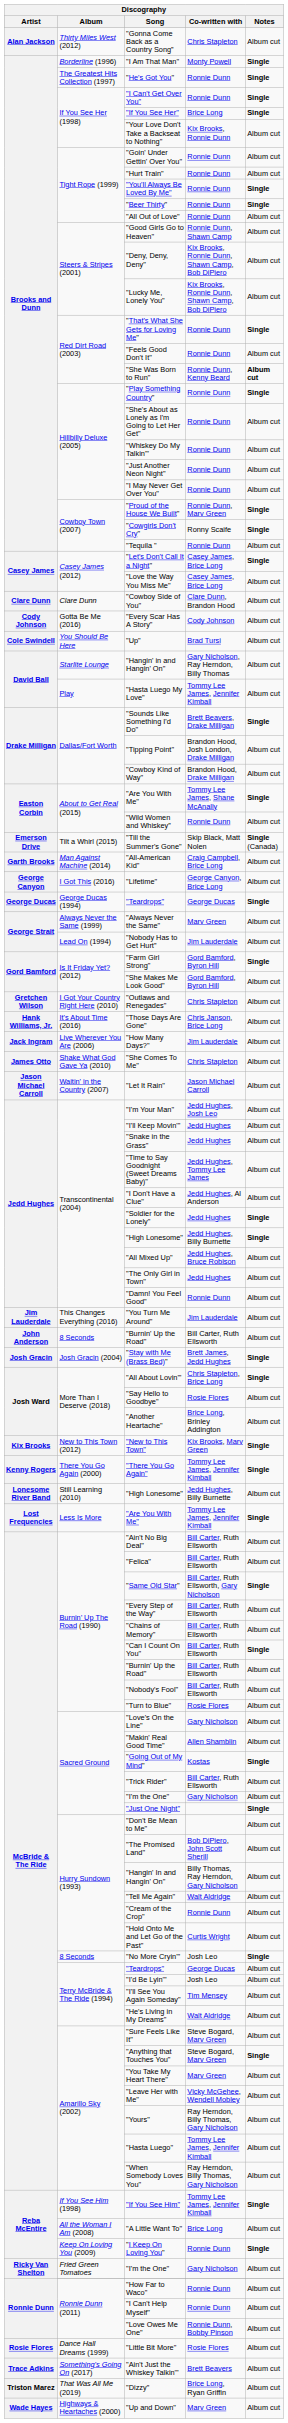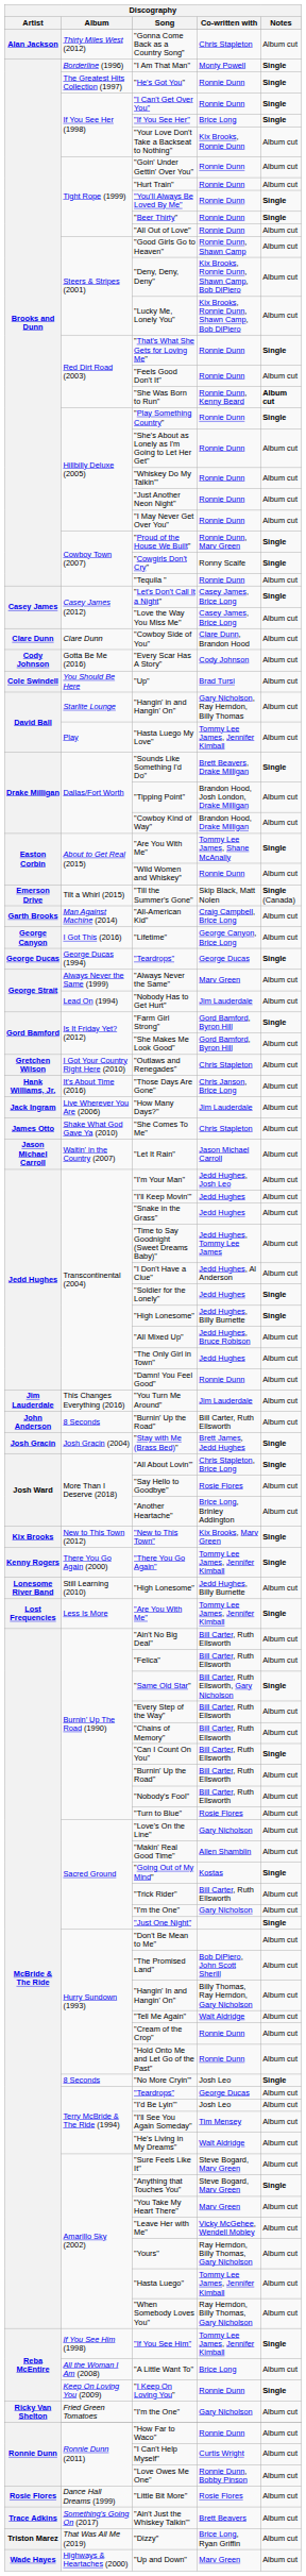 <table class="wikitable sortable">
 <tr>
 <th colspan="5">Discography</th>
 </tr>
 <tr style="background:#ccc;">
 <th style="width:170px;">Artist</th>
 <th style="width:220px;">Album</th>
 <th style="width:285px;">Song</th>
 <th style="width:300px;">Co-written with</th>
 <th style="width:110px;">Notes</th>
 </tr>
 <tr>
 <th><a href='#'>Alan Jackson</a></th>
 <td><em><a href='#'>Thirty Miles West</a></em> (2012)</td>
 <td>"Gonna Come Back as a Country Song”</td>
 <td><a href='#'>Chris Stapleton</a></td>
 <td>Album cut</td>
 </tr>
 <tr>
 <th rowspan="24"><a href='#'>Brooks and Dunn</a></th>
 <td><em><a href='#'>Borderline</a></em> (1996)</td>
 <td>"I Am That Man"</td>
 <td><a href='#'>Monty Powell</a></td>
 <td><strong>Single</strong></td>
 </tr>
 <tr>
 <td><a href='#'>The Greatest Hits Collection</a> (1997)</td>
 <td>"<a href='#'>He's Got You</a>"</td>
 <td><a href='#'>Ronnie Dunn</a></td>
 <td><strong>Single</strong></td>
 </tr>
 <tr>
 <td rowspan="3"><a href='#'>If You See Her</a> (1998)</td>
 <td><a href='#'>"I Can't Get Over You"</a></td>
 <td><a href='#'>Ronnie Dunn</a></td>
 <td><strong>Single</strong></td>
 </tr>
 <tr>
 <td><a href='#'>"If You See Her"</a></td>
 <td><a href='#'>Brice Long</a></td>
 <td><strong>Single</strong></td>
 </tr>
 <tr>
 <td>"Your Love Don't Take a Backseat to Nothing"</td>
 <td><a href='#'>Kix Brooks</a>, <a href='#'>Ronnie Dunn</a></td>
 <td>Album cut</td>
 </tr>
 <tr>
 <td rowspan="5"><a href='#'>Tight Rope</a> (1999)</td>
 <td>"Goin' Under Gettin' Over You"</td>
 <td><a href='#'>Ronnie Dunn</a></td>
 <td>Album cut</td>
 </tr>
 <tr>
 <td>"Hurt Train"</td>
 <td><a href='#'>Ronnie Dunn</a></td>
 <td>Album cut</td>
 </tr>
 <tr>
 <td><a href='#'>"You'll Always Be Loved By Me"</a></td>
 <td><a href='#'>Ronnie Dunn</a></td>
 <td><strong>Single</strong></td>
 </tr>
 <tr>
 <td>"<a href='#'>Beer Thirty</a>"</td>
 <td><a href='#'>Ronnie Dunn</a></td>
 <td><strong>Single</strong></td>
 </tr>
 <tr>
 <td>"All Out of Love"</td>
 <td><a href='#'>Ronnie Dunn</a></td>
 <td>Album cut</td>
 </tr>
 <tr>
 <td rowspan="3"><a href='#'>Steers & Stripes</a> (2001)</td>
 <td>"Good Girls Go to Heaven"</td>
 <td><a href='#'>Ronnie Dunn</a>, <a href='#'>Shawn Camp</a></td>
 <td>Album cut</td>
 </tr>
 <tr>
 <td>"Deny, Deny, Deny"</td>
 <td><a href='#'>Kix Brooks</a>, <a href='#'>Ronnie Dunn</a>, <a href='#'>Shawn Camp</a>, <a href='#'>Bob DiPiero</a></td>
 <td>Album cut</td>
 </tr>
 <tr>
 <td>"Lucky Me, Lonely You"</td>
 <td><a href='#'>Kix Brooks</a>, <a href='#'>Ronnie Dunn</a>, <a href='#'>Shawn Camp</a>, <a href='#'>Bob DiPiero</a></td>
 <td>Album cut</td>
 </tr>
 <tr>
 <td rowspan="3"><a href='#'>Red Dirt Road</a> (2003)</td>
 <td>"<a href='#'>That's What She Gets for Loving Me</a>"</td>
 <td><a href='#'>Ronnie Dunn</a></td>
 <td><strong>Single</strong></td>
 </tr>
 <tr>
 <td>"Feels Good Don't It"</td>
 <td><a href='#'>Ronnie Dunn</a></td>
 <td>Album cut</td>
 </tr>
 <tr>
 <td>"She Was Born to Run"</td>
 <td><a href='#'>Ronnie Dunn</a>, <a href='#'>Kenny Beard</a></td>
 <td><strong>Album cut</strong></td>
 </tr>
 <tr>
 <td rowspan="5"><a href='#'>Hillbilly Deluxe</a> (2005)</td>
 <td>"<a href='#'>Play Something Country</a>"</td>
 <td><a href='#'>Ronnie Dunn</a></td>
 <td><strong>Single</strong></td>
 </tr>
 <tr>
 <td>"She's About as Lonely as I'm Going to Let Her Get"</td>
 <td><a href='#'>Ronnie Dunn</a></td>
 <td>Album cut</td>
 </tr>
 <tr>
 <td>"Whiskey Do My Talkin'"</td>
 <td><a href='#'>Ronnie Dunn</a></td>
 <td>Album cut</td>
 </tr>
 <tr>
 <td>"Just Another Neon Night"</td>
 <td><a href='#'>Ronnie Dunn</a></td>
 <td>Album cut</td>
 </tr>
 <tr>
 <td>"I May Never Get Over You"</td>
 <td><a href='#'>Ronnie Dunn</a></td>
 <td>Album cut</td>
 </tr>
 <tr>
 <td rowspan="3"><a href='#'>Cowboy Town</a> (2007)</td>
 <td>"<a href='#'>Proud of the House We Built</a>"</td>
 <td><a href='#'>Ronnie Dunn</a>, <a href='#'>Marv Green</a></td>
 <td><strong>Single</strong></td>
 </tr>
 <tr>
 <td>"<a href='#'>Cowgirls Don't Cry</a>"</td>
 <td>Ronny Scaife</td>
 <td><strong>Single</strong></td>
 </tr>
 <tr>
 <td>"Tequila "</td>
 <td><a href='#'>Ronnie Dunn</a></td>
 <td>Album cut</td>
 </tr>
 <tr>
 <th rowspan="2"><a href='#'>Casey James</a></th>
 <td rowspan="2"><a href='#'><em>Casey James</em></a> (2012)</td>
 <td>"<a href='#'>Let's Don't Call It a Night</a>"</td>
 <td><a href='#'>Casey James</a>, <a href='#'>Brice Long</a></td>
 <td><strong>Single</strong></td>
 </tr>
 <tr>
 <td>"Love the Way You Miss Me"</td>
 <td><a href='#'>Casey James</a>, <a href='#'>Brice Long</a></td>
 <td>Album cut</td>
 </tr>
 <tr>
 <th><a href='#'>Clare Dunn</a></th>
 <td><em>Clare Dunn</em></td>
 <td>"Cowboy Side of You"</td>
 <td><a href='#'>Clare Dunn</a>, Brandon Hood</td>
 <td>Album cut</td>
 </tr>
 <tr>
 <th><a href='#'>Cody Johnson</a></th>
 <td>Gotta Be Me (2016)</td>
 <td>"Every Scar Has A Story"</td>
 <td><a href='#'>Cody Johnson</a></td>
 <td>Album cut</td>
 </tr>
 <tr>
 <th><a href='#'>Cole Swindell</a></th>
 <td><a href='#'><em>You Should Be Here</em></a></td>
 <td>"Up"</td>
 <td><a href='#'>Brad Tursi</a></td>
 <td>Album cut</td>
 </tr>
 <tr>
 <th rowspan="2"><a href='#'>David Ball</a></th>
 <td><em><a href='#'>Starlite Lounge</a></em></td>
 <td>"Hangin' in and Hangin' On"</td>
 <td><a href='#'>Gary Nicholson</a>, Ray Herndon, Billy Thomas</td>
 <td>Album cut</td>
 </tr>
 <tr>
 <td><a href='#'>Play</a></td>
 <td>"Hasta Luego My Love"</td>
 <td><a href='#'>Tommy Lee James</a>, <a href='#'>Jennifer Kimball</a></td>
 <td>Album cut</td>
 </tr>
 <tr>
 <th rowspan="3"><a href='#'>Drake Milligan</a></th>
 <td rowspan="3"><a href='#'>Dallas/Fort Worth</a></td>
 <td>"Sounds Like Something I'd Do"</td>
 <td><a href='#'>Brett Beavers</a>, <a href='#'>Drake Milligan</a></td>
 <td><strong>Single</strong></td>
 </tr>
 <tr>
 <td>"Tipping Point"</td>
 <td>Brandon Hood, Josh London, <a href='#'>Drake Milligan</a></td>
 <td>Album cut</td>
 </tr>
 <tr>
 <td>"Cowboy Kind of Way"</td>
 <td>Brandon Hood, <a href='#'>Drake Milligan</a></td>
 <td>Album cut</td>
 </tr>
 <tr>
 <th rowspan="2"><a href='#'>Easton Corbin</a></th>
 <td rowspan="2"><em><a href='#'>About to Get Real</a></em> (2015)</td>
 <td>"Are You With Me"</td>
 <td><a href='#'>Tommy Lee James</a>, <a href='#'>Shane McAnally</a></td>
 <td><strong>Single</strong></td>
 </tr>
 <tr>
 <td>"Wild Women and Whiskey”</td>
 <td><a href='#'>Ronnie Dunn</a></td>
 <td>Album cut</td>
 </tr>
 <tr>
 <th><a href='#'>Emerson Drive</a></th>
 <td Tilt-A-Whirl>Tilt a Whirl (2015)</td>
 <td>"Till the Summer's Gone"</td>
 <td>Skip Black, Matt Nolen</td>
 <td><strong>Single</strong> (Canada)</td>
 </tr>
 <tr>
 <th><a href='#'>Garth Brooks</a></th>
 <td><em><a href='#'>Man Against Machine</a></em> (2014)</td>
 <td>"All-American Kid"</td>
 <td><a href='#'>Craig Campbell</a>, <a href='#'>Brice Long</a></td>
 <td>Album cut</td>
 </tr>
 <tr>
 <th><a href='#'>George Canyon</a></th>
 <td><a href='#'>I Got This</a> (2016)</td>
 <td>"Lifetime"</td>
 <td><a href='#'>George Canyon</a>, <a href='#'>Brice Long</a></td>
 <td>Album cut</td>
 </tr>
 <tr>
 <th><a href='#'>George Ducas</a></th>
 <td><a href='#'>George Ducas</a> (1994)</td>
 <td><a href='#'>"Teardrops"</a></td>
 <td><a href='#'>George Ducas</a></td>
 <td><strong>Single</strong></td>
 </tr>
 <tr>
 <th rowspan="2"><a href='#'>George Strait</a></th>
 <td><a href='#'>Always Never the Same</a> (1999)</td>
 <td>"Always Never the Same"</td>
 <td><a href='#'>Marv Green</a></td>
 <td>Album cut</td>
 </tr>
 <tr>
 <td><a href='#'>Lead On</a> (1994)</td>
 <td>"Nobody Has to Get Hurt”</td>
 <td><a href='#'>Jim Lauderdale</a></td>
 <td>Album cut</td>
 </tr>
 <tr>
 <th rowspan="2"><a href='#'>Gord Bamford</a></th>
 <td rowspan="2"><a href='#'>Is It Friday Yet?</a> (2012)</td>
 <td>"Farm Girl Strong"</td>
 <td><a href='#'>Gord Bamford</a>, <a href='#'>Byron Hill</a></td>
 <td><strong>Single</strong></td>
 </tr>
 <tr>
 <td>"She Makes Me Look Good"</td>
 <td><a href='#'>Gord Bamford</a>, <a href='#'>Byron Hill</a></td>
 <td>Album cut</td>
 </tr>
 <tr>
 <th><a href='#'>Gretchen Wilson</a></th>
 <td><a href='#'>I Got Your Country Right Here</a> (2010)</td>
 <td>"Outlaws and Renegades"</td>
 <td><a href='#'>Chris Stapleton</a></td>
 <td>Album cut</td>
 </tr>
 <tr>
 <th><a href='#'>Hank Williams, Jr.</a></th>
 <td><a href='#'>It's About Time</a> (2016)</td>
 <td>"Those Days Are Gone"</td>
 <td><a href='#'>Chris Janson</a>, <a href='#'>Brice Long</a></td>
 <td>Album cut</td>
 </tr>
 <tr>
 <th><a href='#'>Jack Ingram</a></th>
 <td><a href='#'>Live Wherever You Are</a> (2006)</td>
 <td>"How Many Days?"</td>
 <td><a href='#'>Jim Lauderdale</a></td>
 <td>Album cut</td>
 </tr>
 <tr>
 <th><a href='#'>James Otto</a></th>
 <td><a href='#'>Shake What God Gave Ya</a> (2010)</td>
 <td>"She Comes To Me"</td>
 <td><a href='#'>Chris Stapleton</a></td>
 <td>Album cut</td>
 </tr>
 <tr>
 <th><a href='#'>Jason Michael Carroll</a></th>
 <td><a href='#'>Waitin' in the Country</a> (2007)</td>
 <td>"Let It Rain"</td>
 <td><a href='#'>Jason Michael Carroll</a></td>
 <td>Album cut</td>
 </tr>
 <tr>
 <th rowspan="10"><a href='#'>Jedd Hughes</a></th>
 <td rowspan="10">Transcontinental (2004)</td>
 <td>"I'm Your Man"</td>
 <td><a href='#'>Jedd Hughes</a>, <a href='#'>Josh Leo</a></td>
 <td>Album cut</td>
 </tr>
 <tr>
 <td>"I'll Keep Movin'"</td>
 <td><a href='#'>Jedd Hughes</a></td>
 <td>Album cut</td>
 </tr>
 <tr>
 <td>"Snake in the Grass"</td>
 <td><a href='#'>Jedd Hughes</a></td>
 <td>Album cut</td>
 </tr>
 <tr>
 <td>"Time to Say Goodnight (Sweet Dreams Baby)"</td>
 <td><a href='#'>Jedd Hughes</a>, <a href='#'>Tommy Lee James</a></td>
 <td>Album cut</td>
 </tr>
 <tr>
 <td>"I Don't Have a Clue"</td>
 <td><a href='#'>Jedd Hughes</a>, Al Anderson</td>
 <td>Album cut</td>
 </tr>
 <tr>
 <td>"Soldier for the Lonely"</td>
 <td><a href='#'>Jedd Hughes</a></td>
 <td><strong>Single</strong></td>
 </tr>
 <tr>
 <td>"High Lonesome"</td>
 <td><a href='#'>Jedd Hughes</a>, Billy Burnette</td>
 <td><strong>Single</strong></td>
 </tr>
 <tr>
 <td>"All Mixed Up"</td>
 <td><a href='#'>Jedd Hughes</a>, <a href='#'>Bruce Robison</a></td>
 <td>Album cut</td>
 </tr>
 <tr>
 <td>"The Only Girl in Town"</td>
 <td><a href='#'>Jedd Hughes</a></td>
 <td>Album cut</td>
 </tr>
 <tr>
 <td>"Damn! You Feel Good"</td>
 <td><a href='#'>Ronnie Dunn</a></td>
 <td>Album cut</td>
 </tr>
 <tr>
 <th><a href='#'>Jim Lauderdale</a></th>
 <td>This Changes Everything (2016)</td>
 <td>"You Turn Me Around"</td>
 <td><a href='#'>Jim Lauderdale</a></td>
 <td>Album cut</td>
 </tr>
 <tr>
 <th><a href='#'>John Anderson</a></th>
 <td><a href='#'>8 Seconds</a></td>
 <td>"Burnin' Up the Road"</td>
 <td>Bill Carter, Ruth Ellsworth</td>
 <td>Album cut</td>
 </tr>
 <tr>
 <th><a href='#'>Josh Gracin</a></th>
 <td><a href='#'>Josh Gracin</a> (2004)</td>
 <td>"<a href='#'>Stay with Me (Brass Bed)</a>"</td>
 <td><a href='#'>Brett James</a>, <a href='#'>Jedd Hughes</a></td>
 <td><strong>Single</strong></td>
 </tr>
 <tr>
 <th rowspan="3">Josh Ward</th>
 <td rowspan="3">More Than I Deserve (2018)</td>
 <td>"All About Lovin'"</td>
 <td><a href='#'>Chris Stapleton</a>, <a href='#'>Brice Long</a></td>
 <td><strong>Single</strong></td>
 </tr>
 <tr>
 <td>"Say Hello to Goodbye"</td>
 <td><a href='#'>Rosie Flores</a></td>
 <td>Album cut</td>
 </tr>
 <tr>
 <td>"Another Heartache"</td>
 <td><a href='#'>Brice Long</a>, Brinley Addington</td>
 <td>Album cut</td>
 </tr>
 <tr>
 <th><a href='#'>Kix Brooks</a></th>
 <td><a href='#'>New to This Town</a> (2012)</td>
 <td><a href='#'>"New to This Town"</a></td>
 <td><a href='#'>Kix Brooks</a>, <a href='#'>Marv Green</a></td>
 <td><strong>Single</strong></td>
 </tr>
 <tr>
 <th><a href='#'>Kenny Rogers</a></th>
 <td><a href='#'>There You Go Again</a> (2000)</td>
 <td><a href='#'>"There You Go Again"</a></td>
 <td><a href='#'>Tommy Lee James</a>, <a href='#'>Jennifer Kimball</a></td>
 <td><strong>Single</strong></td>
 </tr>
 <tr>
 <th><a href='#'>Lonesome River Band</a></th>
 <td>Still Learning (2010)</td>
 <td>"High Lonesome"</td>
 <td><a href='#'>Jedd Hughes</a>, Billy Burnette</td>
 <td>Album cut</td>
 </tr>
 <tr>
 <th><a href='#'>Lost Frequencies</a></th>
 <td><a href='#'>Less Is More</a></td>
 <td><a href='#'>"Are You With Me"</a></td>
 <td><a href='#'>Tommy Lee James</a>, <a href='#'>Jennifer Kimball</a></td>
 <td><strong>Single</strong></td>
 </tr>
 <tr>
 <th rowspan="33"><a href='#'>McBride & The Ride</a></th>
 <td rowspan="9"><a href='#'>Burnin’ Up The Road</a> (1990)</td>
 <td>"Ain't No Big Deal"</td>
 <td><a href='#'>Bill Carter</a>, Ruth Ellsworth</td>
 <td>Album cut</td>
 </tr>
 <tr>
 <td>"Felica"</td>
 <td><a href='#'>Bill Carter</a>, Ruth Ellsworth</td>
 <td>Album cut</td>
 </tr>
 <tr>
 <td>"<a href='#'>Same Old Star</a>"</td>
 <td><a href='#'>Bill Carter</a>, Ruth Ellsworth, <a href='#'>Gary Nicholson</a></td>
 <td><strong>Single</strong></td>
 </tr>
 <tr>
 <td>"Every Step of the Way"</td>
 <td><a href='#'>Bill Carter</a>, Ruth Ellsworth</td>
 <td>Album cut</td>
 </tr>
 <tr>
 <td>"Chains of Memory"</td>
 <td><a href='#'>Bill Carter</a>, Ruth Ellsworth</td>
 <td>Album cut</td>
 </tr>
 <tr>
 <td>"Can I Count On You"</td>
 <td><a href='#'>Bill Carter</a>, Ruth Ellsworth</td>
 <td><strong>Single</strong></td>
 </tr>
 <tr>
 <td>"Burnin' Up the Road"</td>
 <td><a href='#'>Bill Carter</a>, Ruth Ellsworth</td>
 <td>Album cut</td>
 </tr>
 <tr>
 <td>"Nobody's Fool"</td>
 <td><a href='#'>Bill Carter</a>, Ruth Ellsworth</td>
 <td>Album cut</td>
 </tr>
 <tr>
 <td>"Turn to Blue"</td>
 <td><a href='#'>Rosie Flores</a></td>
 <td>Album cut</td>
 </tr>
 <tr>
 <td rowspan="6"><a href='#'>Sacred Ground</a></td>
 <td>"Love's On the Line"</td>
 <td><a href='#'>Gary Nicholson</a></td>
 <td>Album cut</td>
 </tr>
 <tr>
 <td>"Makin' Real Good Time"</td>
 <td><a href='#'>Allen Shamblin</a></td>
 <td>Album cut</td>
 </tr>
 <tr>
 <td>"<a href='#'>Going Out of My Mind</a>"</td>
 <td><a href='#'>Kostas</a></td>
 <td><strong>Single</strong></td>
 </tr>
 <tr>
 <td>"Trick Rider"</td>
 <td><a href='#'>Bill Carter</a>, Ruth Ellsworth</td>
 <td>Album cut</td>
 </tr>
 <tr>
 <td>"I'm the One"</td>
 <td><a href='#'>Gary Nicholson</a></td>
 <td>Album cut</td>
 </tr>
 <tr>
 <td><a href='#'>"Just One Night"</a></td>
 <td></td>
 <td><strong>Single</strong></td>
 </tr>
 <tr>
 <td rowspan="6"><a href='#'>Hurry Sundown</a> (1993)</td>
 <td>"Don't Be Mean to Me"</td>
 <td></td>
 <td>Album cut</td>
 </tr>
 <tr>
 <td>"The Promised Land"</td>
 <td><a href='#'>Bob DiPiero</a>, <a href='#'>John Scott Sherill</a></td>
 <td>Album cut</td>
 </tr>
 <tr>
 <td>"Hangin' In and Hangin' On"</td>
 <td>Billy Thomas, Ray Herndon, <a href='#'>Gary Nicholson</a></td>
 <td>Album cut</td>
 </tr>
 <tr>
 <td>"Tell Me Again"</td>
 <td><a href='#'>Walt Aldridge</a></td>
 <td>Album cut</td>
 </tr>
 <tr>
 <td>"Cream of the Crop"</td>
 <td><a href='#'>Ronnie Dunn</a></td>
 <td>Album cut</td>
 </tr>
 <tr>
 <td>"Hold Onto Me and Let Go of the Past"</td>
-<td><a href='#'>Curtis Wright</a></td>
+<td><a href='#'>Ronnie Dunn</a></td>
 <td>Album cut</td>
 </tr>
 <tr>
 <td><a href='#'>8 Seconds</a></td>
 <td>"No More Cryin'"</td>
 <td>Josh Leo</td>
 <td><strong>Single</strong></td>
 </tr>
 <tr>
 <td rowspan="4"><a href='#'>Terry McBride & The Ride</a> (1994)</td>
 <td><a href='#'>"Teardrops"</a></td>
 <td><a href='#'>George Ducas</a></td>
 <td>Album cut</td>
 </tr>
 <tr>
 <td>"I'd Be Lyin'"</td>
 <td>Josh Leo</td>
 <td>Album cut</td>
 </tr>
 <tr>
 <td>"I'll See You Again Someday"</td>
 <td><a href='#'>Tim Mensey</a></td>
 <td>Album cut</td>
 </tr>
 <tr>
 <td>"He's Living in My Dreams"</td>
 <td><a href='#'>Walt Aldridge</a></td>
 <td>Album cut</td>
 </tr>
 <tr>
 <td rowspan="7"><a href='#'>Amarillo Sky</a> (2002)</td>
 <td>"Sure Feels Like It"</td>
 <td>Steve Bogard, <a href='#'>Marv Green</a></td>
 <td>Album cut</td>
 </tr>
 <tr>
 <td>"Anything that Touches You"</td>
 <td>Steve Bogard, <a href='#'>Marv Green</a></td>
 <td><strong>Single</strong></td>
 </tr>
 <tr>
 <td>"You Take My Heart There"</td>
 <td><a href='#'>Marv Green</a></td>
 <td>Album cut</td>
 </tr>
 <tr>
 <td>"Leave Her with Me"</td>
 <td><a href='#'>Vicky McGehee</a>, <a href='#'>Wendell Mobley</a></td>
 <td>Album cut</td>
 </tr>
 <tr>
 <td>"Yours"</td>
 <td>Ray Herndon, Billy Thomas, <a href='#'>Gary Nicholson</a></td>
 <td>Album cut</td>
 </tr>
 <tr>
 <td>"Hasta Luego"</td>
 <td><a href='#'>Tommy Lee James</a>, <a href='#'>Jennifer Kimball</a></td>
 <td>Album cut</td>
 </tr>
 <tr>
 <td>"When Somebody Loves You"</td>
 <td>Ray Herndon, Billy Thomas, <a href='#'>Gary Nicholson</a></td>
 <td>Album cut</td>
 </tr>
 <tr>
 <th rowspan="3"><a href='#'>Reba McEntire</a></th>
 <td><em><a href='#'>If You See Him</a></em> (1998)</td>
 <td><a href='#'>"If You See Him"</a></td>
 <td><a href='#'>Tommy Lee James</a>, <a href='#'>Jennifer Kimball</a></td>
 <td><strong>Single</strong></td>
 </tr>
 <tr>
 <td><a href='#'><em>All the Woman I Am</em></a> (2008)</td>
 <td>"A Little Want To"</td>
 <td><a href='#'>Brice Long</a></td>
 <td>Album cut</td>
 </tr>
 <tr>
 <td><em><a href='#'>Keep On Loving You</a></em> (2009)</td>
 <td>"<a href='#'>I Keep On Loving You</a>"</td>
 <td><a href='#'>Ronnie Dunn</a></td>
 <td><strong>Single</strong></td>
 </tr>
 <tr>
 <th><a href='#'>Ricky Van Shelton</a></th>
 <td><em>Fried Green Tomatoes</em></td>
 <td>"I'm the One"</td>
 <td><a href='#'>Gary Nicholson</a></td>
 <td>Album cut</td>
 </tr>
 <tr>
 <th rowspan="4"><a href='#'>Ronnie Dunn</a></th>
 </tr>
 <tr>
 <td rowspan="3"><em><a href='#'>Ronnie Dunn</a></em> (2011)</td>
 <td>"How Far to Waco"</td>
 <td><a href='#'>Ronnie Dunn</a></td>
 <td>Album cut</td>
 </tr>
 <tr>
 <td>"I Can't Help Myself"</td>
-<td><a href='#'>Ronnie Dunn</a></td>
+<td><a href='#'>Curtis Wright</a></td>
 <td>Album cut</td>
 </tr>
 <tr>
 <td>"Love Owes Me One"</td>
 <td><a href='#'>Ronnie Dunn</a>, <a href='#'>Bobby Pinson</a></td>
 <td>Album cut</td>
 </tr>
 <tr>
 <th><a href='#'>Rosie Flores</a></th>
 <td><em>Dance Hall Dreams</em> (1999)</td>
 <td>"Little Bit More"</td>
 <td><a href='#'>Rosie Flores</a></td>
 <td>Album cut</td>
 </tr>
 <tr>
 <th><a href='#'>Trace Adkins</a></th>
 <td><a href='#'><em>Something's Going On</em></a> (2017)</td>
 <td>"Ain't Just the Whiskey Talkin'"</td>
 <td><a href='#'>Brett Beavers</a></td>
 <td>Album cut</td>
 </tr>
 <tr>
 <th>Triston Marez</th>
 <td><em>That Was All Me</em> (2019)</td>
 <td>"Dizzy”</td>
 <td><a href='#'>Brice Long</a>, Ryan Griffin</td>
 <td>Album cut</td>
 </tr>
 <tr>
 <th><a href='#'>Wade Hayes</a></th>
 <td><a href='#'>Highways & Heartaches</a> (2000)</td>
 <td>"Up and Down"</td>
 <td><a href='#'>Marv Green</a></td>
 <td>Album cut</td>
 </tr>
 </table>
